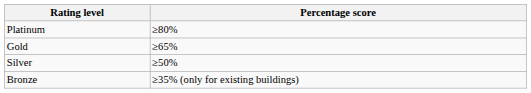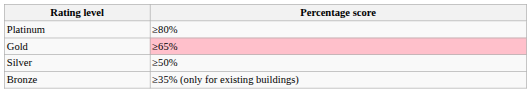 <table class="wikitable" style="width: 50%">
 <tr>
 <th>Rating level</th>
 <th>Percentage score</th>
 </tr>
 <tr>
 <td>Platinum</td>
 <td>≥80%</td>
 </tr>
 <tr>
 <td>Gold</td>
-<td>≥65%</td>
+<td style="background: pink;">≥65%</td>
 </tr>
 <tr>
 <td>Silver</td>
 <td>≥50%</td>
 </tr>
 <tr>
 <td>Bronze</td>
 <td>≥35% (only for existing buildings)</td>
 </tr>
 </table>
